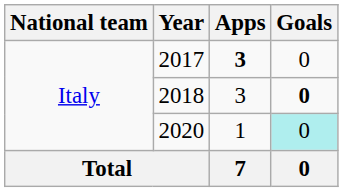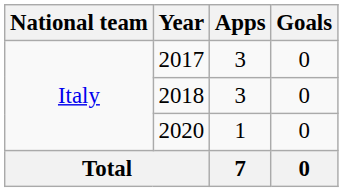 <table class="wikitable" style="text-align:center">
 <tr>
 <th>National team</th>
 <th>Year</th>
 <th>Apps</th>
 <th>Goals</th>
 </tr>
 <tr>
 <td rowspan=3><a href='#'>Italy</a></td>
 <td>2017</td>
-<td><strong>3</strong></td>
+<td>3</td>
 <td>0</td>
 </tr>
 <tr>
 <td>2018</td>
 <td>3</td>
-<td><strong>0</strong></td>
+<td>0</td>
 </tr>
 <tr>
 <td>2020</td>
 <td>1</td>
-<td style="background: paleturquoise;">0</td>
+<td>0</td>
 </tr>
 <tr>
 <th colspan=2>Total</th>
 <th>7</th>
 <th>0</th>
 </tr>
 </table>
